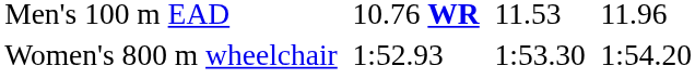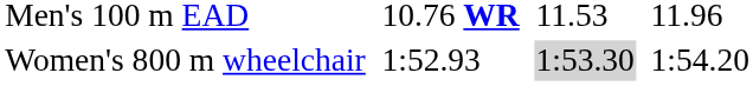 <table>
 <tr>
 <td>Men's 100 m <a href='#'>EAD</a></td>
 <td></td>
 <td>10.76 <strong><a href='#'>WR</a></strong></td>
 <td></td>
 <td>11.53</td>
 <td></td>
 <td>11.96</td>
 </tr>
 <tr>
 <td>Women's 800 m <a href='#'>wheelchair</a></td>
 <td></td>
 <td>1:52.93</td>
 <td></td>
-<td>1:53.30</td>
+<td style="background: lightgrey;">1:53.30</td>
 <td></td>
 <td>1:54.20</td>
 </tr>
 </table>
